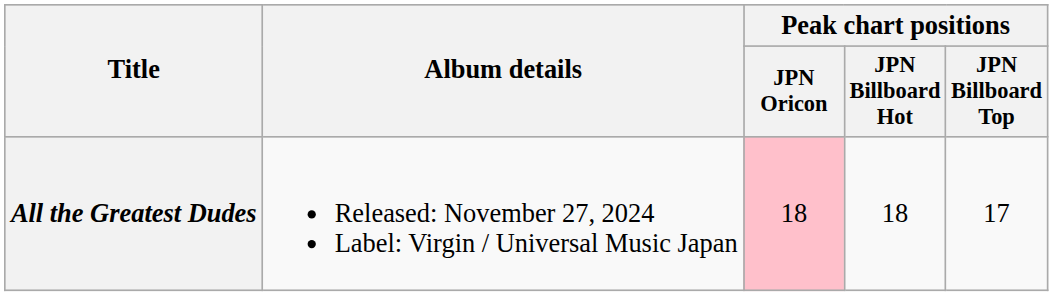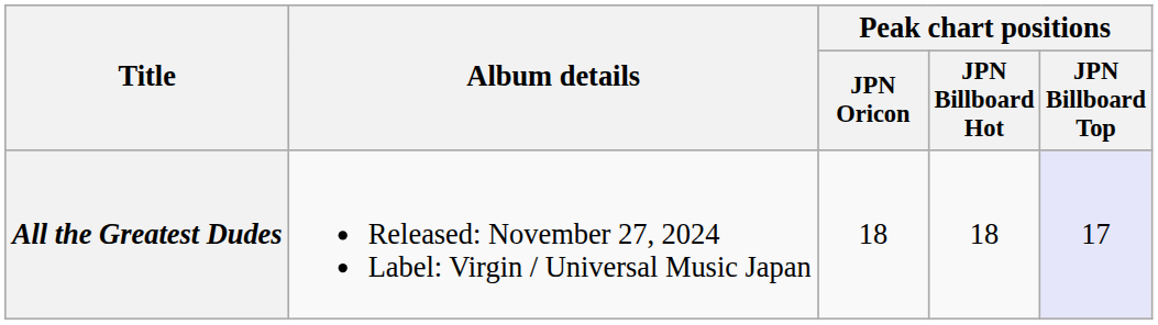 <table class="wikitable plainrowheaders">
 <tr>
 <th scope="col" rowspan="2">Title</th>
 <th scope="col" rowspan="2">Album details</th>
 <th scope="col" colspan="3">Peak chart positions</th>
 </tr>
 <tr>
 <th scope="col" style="width:4em;font-size:85%">JPN<br>Oricon<br></th>
 <th scope="col" style="width:4em;font-size:85%">JPN<br>Billboard<br>Hot</th>
 <th scope="col" style="width:4em;font-size:85%">JPN<br>Billboard<br>Top</th>
 </tr>
 <tr>
 <th scope="row"><em>All the Greatest Dudes</em></th>
 <td><br><ul><li>Released: November 27, 2024</li><li>Label: Virgin / Universal Music Japan</li></ul></td>
-<td align="center" style="background: pink;">18</td>
 <td align="center">18</td>
-<td align="center">17</td>
+<td align="center">18</td>
+<td align="center" style="background: lavender;">17</td>
 </tr>
 </table>
